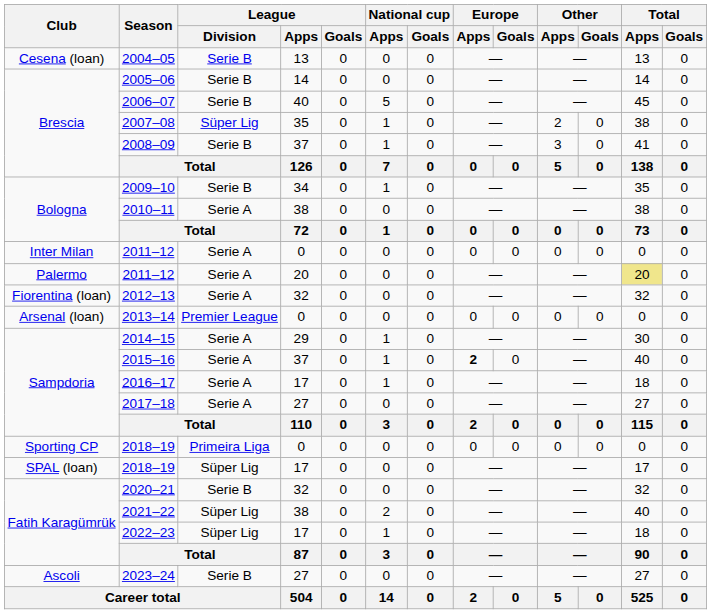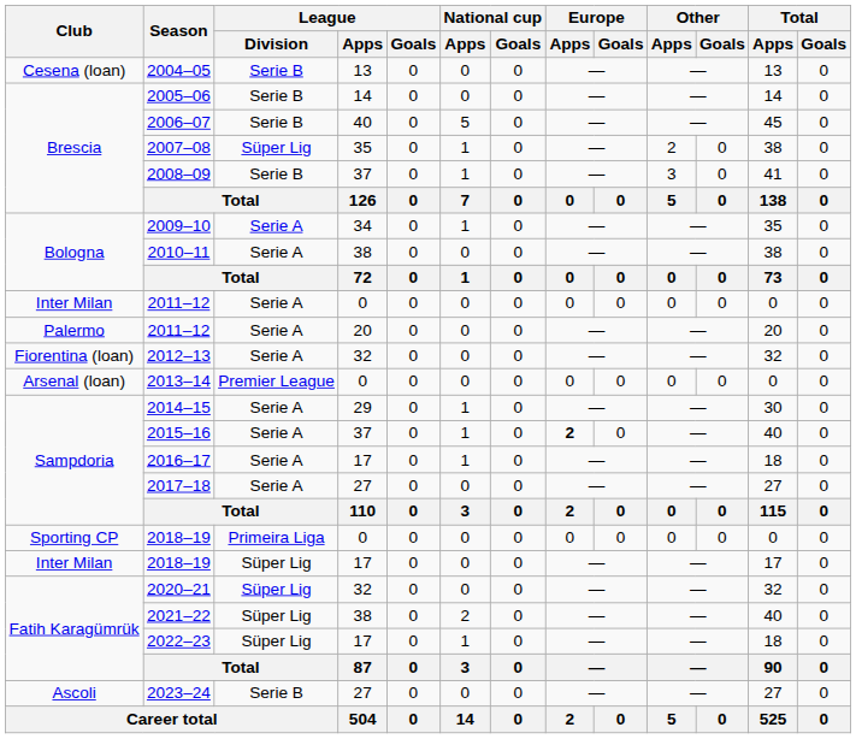 <table class="wikitable" style="text-align:center">
 <tr>
 <th rowspan="2">Club</th>
 <th rowspan="2">Season</th>
 <th colspan="3">League</th>
 <th colspan="2">National cup</th>
 <th colspan="2">Europe</th>
 <th colspan="2">Other</th>
 <th colspan="2">Total</th>
 </tr>
 <tr>
 <th>Division</th>
 <th>Apps</th>
 <th>Goals</th>
 <th>Apps</th>
 <th>Goals</th>
 <th>Apps</th>
 <th>Goals</th>
 <th>Apps</th>
 <th>Goals</th>
 <th>Apps</th>
 <th>Goals</th>
 </tr>
 <tr>
 <td><a href='#'>Cesena</a> (loan)</td>
 <td><a href='#'>2004–05</a></td>
 <td><a href='#'>Serie B</a></td>
 <td>13</td>
 <td>0</td>
 <td>0</td>
 <td>0</td>
 <td colspan="2“">—</td>
 <td colspan="2">—</td>
 <td>13</td>
 <td>0</td>
 </tr>
 <tr>
 <td rowspan="5"><a href='#'>Brescia</a></td>
 <td><a href='#'>2005–06</a></td>
 <td>Serie B</td>
 <td>14</td>
 <td>0</td>
 <td>0</td>
 <td>0</td>
 <td colspan="2“">—</td>
 <td colspan="2">—</td>
 <td>14</td>
 <td>0</td>
 </tr>
 <tr>
 <td><a href='#'>2006–07</a></td>
 <td>Serie B</td>
 <td>40</td>
 <td>0</td>
 <td>5</td>
 <td>0</td>
 <td colspan="2“">—</td>
 <td colspan="2">—</td>
 <td>45</td>
 <td>0</td>
 </tr>
 <tr>
 <td><a href='#'>2007–08</a></td>
 <td><a href='#'>Süper Lig</a></td>
 <td>35</td>
 <td>0</td>
 <td>1</td>
 <td>0</td>
 <td colspan="2">—</td>
 <td>2</td>
 <td>0</td>
 <td>38</td>
 <td>0</td>
 </tr>
 <tr>
 <td><a href='#'>2008–09</a></td>
 <td>Serie B</td>
 <td>37</td>
 <td>0</td>
 <td>1</td>
 <td>0</td>
 <td colspan="2">—</td>
 <td>3</td>
 <td>0</td>
 <td>41</td>
 <td>0</td>
 </tr>
 <tr>
 <th colspan="2">Total</th>
 <th>126</th>
 <th>0</th>
 <th>7</th>
 <th>0</th>
 <th>0</th>
 <th>0</th>
 <th>5</th>
 <th>0</th>
 <th>138</th>
 <th>0</th>
 </tr>
 <tr>
 <td rowspan="3"><a href='#'>Bologna</a></td>
 <td><a href='#'>2009–10</a></td>
-<td>Serie B</td>
+<td><a href='#'>Serie A</a></td>
 <td>34</td>
 <td>0</td>
 <td>1</td>
 <td>0</td>
 <td colspan="2“">—</td>
 <td colspan="2">—</td>
 <td>35</td>
 <td>0</td>
 </tr>
 <tr>
 <td><a href='#'>2010–11</a></td>
 <td>Serie A</td>
 <td>38</td>
 <td>0</td>
 <td>0</td>
 <td>0</td>
 <td colspan="2“">—</td>
 <td colspan="2">—</td>
 <td>38</td>
 <td>0</td>
 </tr>
 <tr>
 <th colspan="2">Total</th>
 <th>72</th>
 <th>0</th>
 <th>1</th>
 <th>0</th>
 <th>0</th>
 <th>0</th>
 <th>0</th>
 <th>0</th>
 <th>73</th>
 <th>0</th>
 </tr>
 <tr>
 <td><a href='#'>Inter Milan</a></td>
 <td><a href='#'>2011–12</a></td>
 <td>Serie A</td>
 <td>0</td>
 <td>0</td>
 <td>0</td>
 <td>0</td>
 <td>0</td>
 <td>0</td>
 <td>0</td>
 <td>0</td>
 <td>0</td>
 <td>0</td>
 </tr>
 <tr>
 <td><a href='#'>Palermo</a></td>
 <td><a href='#'>2011–12</a></td>
 <td>Serie A</td>
 <td>20</td>
 <td>0</td>
 <td>0</td>
 <td>0</td>
 <td colspan="2“">—</td>
 <td colspan="2">—</td>
-<td style="background: khaki;">20</td>
+<td>20</td>
 <td>0</td>
 </tr>
 <tr>
 <td><a href='#'>Fiorentina</a> (loan)</td>
 <td><a href='#'>2012–13</a></td>
 <td>Serie A</td>
 <td>32</td>
 <td>0</td>
 <td>0</td>
 <td>0</td>
 <td colspan="2“">—</td>
 <td colspan="2">—</td>
 <td>32</td>
 <td>0</td>
 </tr>
 <tr>
 <td><a href='#'>Arsenal</a> (loan)</td>
 <td><a href='#'>2013–14</a></td>
 <td><a href='#'>Premier League</a></td>
 <td>0</td>
 <td>0</td>
 <td>0</td>
 <td>0</td>
 <td>0</td>
 <td>0</td>
 <td>0</td>
 <td>0</td>
 <td>0</td>
 <td>0</td>
 </tr>
 <tr>
 <td rowspan="5"><a href='#'>Sampdoria</a></td>
 <td><a href='#'>2014–15</a></td>
 <td>Serie A</td>
 <td>29</td>
 <td>0</td>
 <td>1</td>
 <td>0</td>
 <td colspan="2“">—</td>
 <td colspan="2">—</td>
 <td>30</td>
 <td>0</td>
 </tr>
 <tr>
 <td><a href='#'>2015–16</a></td>
 <td>Serie A</td>
 <td>37</td>
 <td>0</td>
 <td>1</td>
 <td>0</td>
 <td><strong>2</strong></td>
 <td>0</td>
 <td colspan="2">—</td>
 <td>40</td>
 <td>0</td>
 </tr>
 <tr>
 <td><a href='#'>2016–17</a></td>
 <td>Serie A</td>
 <td>17</td>
 <td>0</td>
 <td>1</td>
 <td>0</td>
 <td colspan="2“">—</td>
 <td colspan="2">—</td>
 <td>18</td>
 <td>0</td>
 </tr>
 <tr>
 <td><a href='#'>2017–18</a></td>
 <td>Serie A</td>
 <td>27</td>
 <td>0</td>
 <td>0</td>
 <td>0</td>
 <td colspan="2“">—</td>
 <td colspan="2">—</td>
 <td>27</td>
 <td>0</td>
 </tr>
 <tr>
 <th colspan="2">Total</th>
 <th>110</th>
 <th>0</th>
 <th>3</th>
 <th>0</th>
 <th>2</th>
 <th>0</th>
 <th>0</th>
 <th>0</th>
 <th>115</th>
 <th>0</th>
 </tr>
 <tr>
 <td><a href='#'>Sporting CP</a></td>
 <td><a href='#'>2018–19</a></td>
 <td><a href='#'>Primeira Liga</a></td>
 <td>0</td>
 <td>0</td>
 <td>0</td>
 <td>0</td>
 <td>0</td>
 <td>0</td>
 <td>0</td>
 <td>0</td>
 <td>0</td>
 <td>0</td>
 </tr>
 <tr>
-<td><a href='#'>SPAL</a> (loan)</td>
+<td><a href='#'>Inter Milan</a></td>
 <td><a href='#'>2018–19</a></td>
 <td>Süper Lig</td>
 <td>17</td>
 <td>0</td>
 <td>0</td>
 <td>0</td>
 <td colspan="2">—</td>
 <td colspan="2">—</td>
 <td>17</td>
 <td>0</td>
 </tr>
 <tr>
 <td rowspan="4"><a href='#'>Fatih Karagümrük</a></td>
 <td><a href='#'>2020–21</a></td>
-<td>Serie B</td>
+<td><a href='#'>Süper Lig</a></td>
 <td>32</td>
 <td>0</td>
 <td>0</td>
 <td>0</td>
 <td colspan="2">—</td>
 <td colspan="2">—</td>
 <td>32</td>
 <td>0</td>
 </tr>
 <tr>
 <td><a href='#'>2021–22</a></td>
 <td>Süper Lig</td>
 <td>38</td>
 <td>0</td>
 <td>2</td>
 <td>0</td>
 <td colspan="2">—</td>
 <td colspan="2">—</td>
 <td>40</td>
 <td>0</td>
 </tr>
 <tr>
 <td><a href='#'>2022–23</a></td>
 <td>Süper Lig</td>
 <td>17</td>
 <td>0</td>
 <td>1</td>
 <td>0</td>
 <td colspan="2">—</td>
 <td colspan="2">—</td>
 <td>18</td>
 <td>0</td>
 </tr>
 <tr>
 <th colspan="2">Total</th>
 <th>87</th>
 <th>0</th>
 <th>3</th>
 <th>0</th>
 <th colspan="2">—</th>
 <th colspan="2">—</th>
 <th>90</th>
 <th>0</th>
 </tr>
 <tr>
 <td><a href='#'>Ascoli</a></td>
 <td><a href='#'>2023–24</a></td>
 <td>Serie B</td>
 <td>27</td>
 <td>0</td>
 <td>0</td>
 <td>0</td>
 <td colspan="2">—</td>
 <td colspan="2">—</td>
 <td>27</td>
 <td>0</td>
 </tr>
 <tr>
 <th colspan="3">Career total</th>
 <th>504</th>
 <th>0</th>
 <th>14</th>
 <th>0</th>
 <th>2</th>
 <th>0</th>
 <th>5</th>
 <th>0</th>
 <th>525</th>
 <th>0</th>
 </tr>
 </table>
